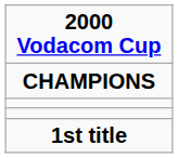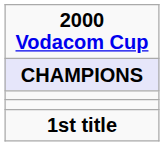 <table class="wikitable" style="text-align: center; margin: 0 auto; width: 20%">
 <tr>
 <td><strong>2000</strong> <br> <strong><a href='#'>Vodacom Cup</a></strong></td>
 </tr>
 <tr>
-<td><strong>CHAMPIONS</strong></td>
+<td style="background: lavender;"><strong>CHAMPIONS</strong></td>
 </tr>
 <tr>
 <td></td>
 </tr>
 <tr>
 <td><strong></strong></td>
 </tr>
 <tr>
 <td><strong>1st title </strong></td>
 </tr>
 </table>
